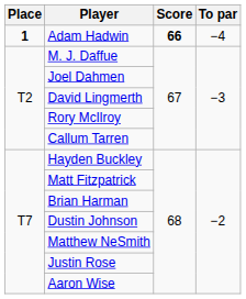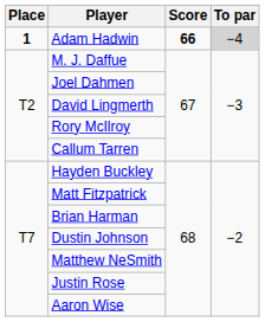 <table class="wikitable">
 <tr>
 <th>Place</th>
 <th>Player</th>
 <th>Score</th>
 <th>To par</th>
 </tr>
 <tr>
 <td align=center><strong>1</strong></td>
 <td> <a href='#'>Adam Hadwin</a></td>
 <td align=center><strong>66</strong></td>
-<td align=center>−4</td>
+<td align=center style="background: lightgrey;">−4</td>
 </tr>
 <tr>
 <td rowspan=5 align=center>T2</td>
 <td> <a href='#'>M. J. Daffue</a></td>
 <td rowspan=5 align=center>67</td>
 <td rowspan=5 align=center>−3</td>
 </tr>
 <tr>
 <td> <a href='#'>Joel Dahmen</a></td>
 </tr>
 <tr>
 <td> <a href='#'>David Lingmerth</a></td>
 </tr>
 <tr>
 <td> <a href='#'>Rory McIlroy</a></td>
 </tr>
 <tr>
 <td> <a href='#'>Callum Tarren</a></td>
 </tr>
 <tr>
 <td rowspan=7 align=center>T7</td>
 <td> <a href='#'>Hayden Buckley</a></td>
 <td rowspan=7 align=center>68</td>
 <td rowspan=7 align=center>−2</td>
 </tr>
 <tr>
 <td> <a href='#'>Matt Fitzpatrick</a></td>
 </tr>
 <tr>
 <td> <a href='#'>Brian Harman</a></td>
 </tr>
 <tr>
 <td> <a href='#'>Dustin Johnson</a></td>
 </tr>
 <tr>
 <td> <a href='#'>Matthew NeSmith</a></td>
 </tr>
 <tr>
 <td> <a href='#'>Justin Rose</a></td>
 </tr>
 <tr>
 <td> <a href='#'>Aaron Wise</a></td>
 </tr>
 </table>
